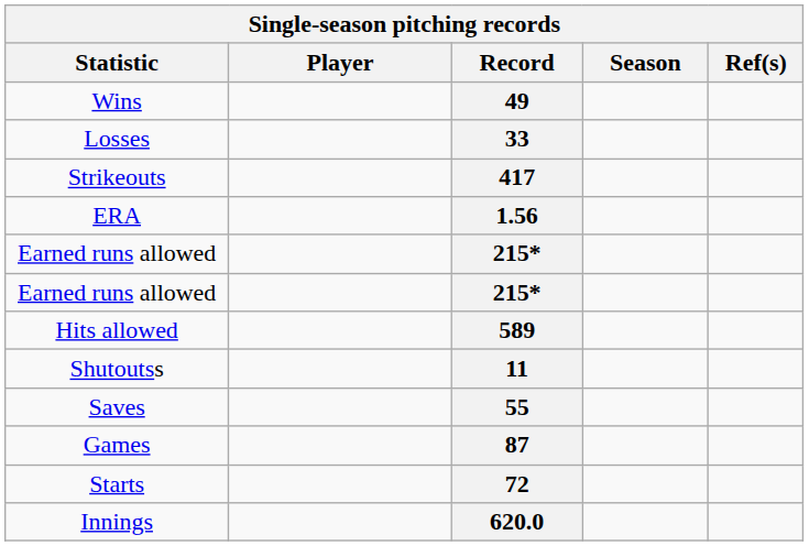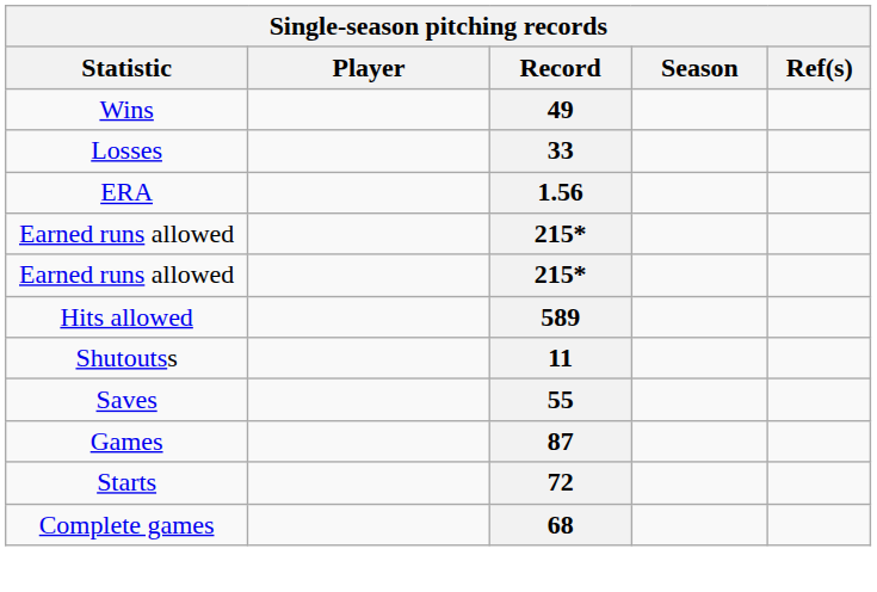 <table class="wikitable sortable" style="text-align:center" width="60%">
 <tr>
 <th colspan=5>Single-season pitching records</th>
 </tr>
 <tr>
 <th scope="col" width=18%>Statistic</th>
 <th scope="col" width=18%>Player</th>
 <th scope="col" width=10% class="unsortable">Record</th>
 <th scope="col" width=10%>Season</th>
 <th scope="col" width=5% class="unsortable">Ref(s)</th>
 </tr>
 <tr>
 <td><a href='#'>Wins</a></td>
 <td></td>
 <th scope="row">49</th>
 <td></td>
 <td></td>
 </tr>
 <tr>
 <td><a href='#'>Losses</a></td>
 <td></td>
 <th scope="row">33</th>
-<td></td>
-<td></td>
-</tr>
-<tr>
-<td><a href='#'>Strikeouts</a></td>
-<td></td>
-<th scope="row">417</th>
 <td></td>
 <td></td>
 </tr>
 <tr>
 <td><a href='#'>ERA</a></td>
 <td></td>
 <th scope="row">1.56</th>
 <td></td>
 <td></td>
 </tr>
 <tr>
 <td><a href='#'>Earned runs</a> allowed</td>
 <td></td>
 <th scope="row">215*</th>
 <td></td>
 <td></td>
 </tr>
 <tr>
 <td><a href='#'>Earned runs</a> allowed</td>
 <td></td>
 <th scope="row">215*</th>
 <td></td>
 <td></td>
 </tr>
 <tr>
 <td><a href='#'>Hits allowed</a></td>
 <td></td>
 <th scope="row">589</th>
 <td></td>
 <td></td>
 </tr>
 <tr>
 <td><a href='#'>Shutouts</a>s</td>
 <td></td>
 <th scope="row">11</th>
 <td></td>
 <td></td>
 </tr>
 <tr>
 <td><a href='#'>Saves</a></td>
 <td></td>
 <th scope="row">55</th>
 <td></td>
 <td></td>
 </tr>
 <tr>
 <td><a href='#'>Games</a></td>
 <td></td>
 <th scope="row">87</th>
 <td></td>
 <td></td>
 </tr>
 <tr>
 <td><a href='#'>Starts</a></td>
 <td></td>
 <th scope="row">72</th>
 <td></td>
 <td></td>
 </tr>
 <tr>
-<td><a href='#'>Innings</a></td>
+<td><a href='#'>Complete games</a></td>
 <td></td>
-<th scope="row">620.0</th>
+<th scope="row">68</th>
 <td></td>
 <td></td>
 </tr>
 </table>
